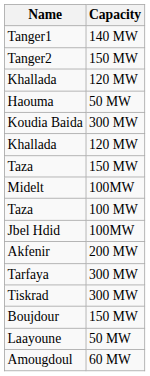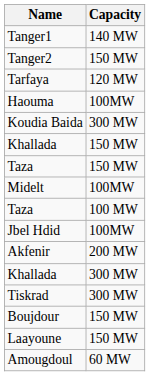 <table class="wikitable sortable">
 <tr>
 <th>Name</th>
 <th>Capacity</th>
 </tr>
 <tr>
 <td>Tanger1</td>
 <td>140 MW</td>
 </tr>
 <tr>
 <td>Tanger2</td>
 <td>150 MW</td>
 </tr>
 <tr>
-<td>Khallada</td>
+<td>Tarfaya</td>
 <td>120 MW</td>
 </tr>
 <tr>
 <td>Haouma</td>
-<td>50 MW</td>
+<td>100MW</td>
 </tr>
 <tr>
 <td>Koudia Baida</td>
 <td>300 MW</td>
 </tr>
 <tr>
 <td>Khallada</td>
-<td>120 MW</td>
+<td>150 MW</td>
 </tr>
 <tr>
 <td>Taza</td>
 <td>150 MW</td>
 </tr>
 <tr>
 <td>Midelt</td>
 <td>100MW</td>
 </tr>
 <tr>
 <td>Taza</td>
 <td>100 MW</td>
 </tr>
 <tr>
 <td>Jbel Hdid</td>
 <td>100MW</td>
 </tr>
 <tr>
 <td>Akfenir</td>
 <td>200 MW</td>
 </tr>
 <tr>
-<td>Tarfaya</td>
+<td>Khallada</td>
 <td>300 MW</td>
 </tr>
 <tr>
 <td>Tiskrad</td>
 <td>300 MW</td>
 </tr>
 <tr>
 <td>Boujdour</td>
 <td>150 MW</td>
 </tr>
 <tr>
 <td>Laayoune</td>
-<td>50 MW</td>
+<td>150 MW</td>
 </tr>
 <tr>
 <td>Amougdoul</td>
 <td>60 MW</td>
 </tr>
 </table>
